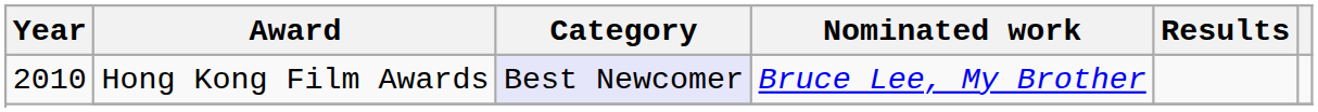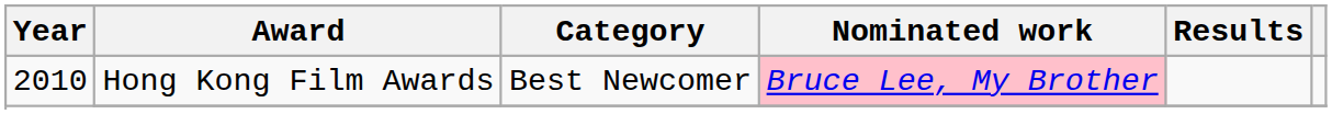 <table class="wikitable sortable plainrowheaders">
 <tr>
 <th scope="col">Year</th>
 <th scope="col">Award</th>
 <th scope="col">Category</th>
 <th scope="col">Nominated work</th>
 <th scope="col">Results</th>
 <th scope="col" class="unsortable"></th>
 </tr>
 <tr>
 <td rowspan="2">2010</td>
 <td>Hong Kong Film Awards</td>
-<td style="background: lavender;">Best Newcomer</td>
-<td><em><a href='#'>Bruce Lee, My Brother</a></em></td>
+<td>Best Newcomer</td>
+<td style="background: pink;"><em><a href='#'>Bruce Lee, My Brother</a></em></td>
 <td></td>
 <td></td>
 </tr>
 <tr>
 </tr>
 </table>
